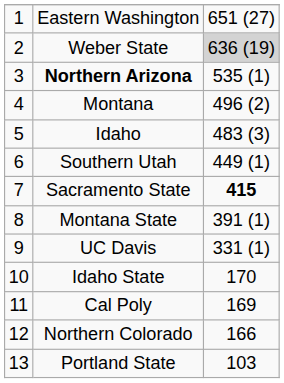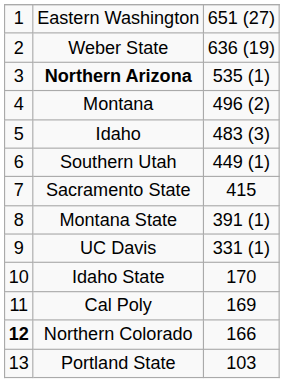 <table class="wikitable" style="display: inline-table;">
 <tr align="center">
 </tr>
 <tr align="center">
 <td>1</td>
 <td>Eastern Washington</td>
 <td>651 (27)</td>
 </tr>
 <tr align="center">
 <td>2</td>
 <td>Weber State</td>
-<td style="background: lightgrey;">636 (19)</td>
+<td>636 (19)</td>
 </tr>
 <tr align="center">
 <td>3</td>
 <td><strong>Northern Arizona</strong></td>
 <td>535 (1)</td>
 </tr>
 <tr align="center">
 <td>4</td>
 <td>Montana</td>
 <td>496 (2)</td>
 </tr>
 <tr align="center">
 <td>5</td>
 <td>Idaho</td>
 <td>483 (3)</td>
 </tr>
 <tr align="center">
 <td>6</td>
 <td>Southern Utah</td>
 <td>449 (1)</td>
 </tr>
 <tr align="center">
 <td>7</td>
 <td>Sacramento State</td>
-<td><strong>415</strong></td>
+<td>415</td>
 </tr>
 <tr align="center">
 <td>8</td>
 <td>Montana State</td>
 <td>391 (1)</td>
 </tr>
 <tr align="center">
 <td>9</td>
 <td>UC Davis</td>
 <td>331 (1)</td>
 </tr>
 <tr align="center">
 <td>10</td>
 <td>Idaho State</td>
 <td>170</td>
 </tr>
 <tr align="center">
 <td>11</td>
 <td>Cal Poly</td>
 <td>169</td>
 </tr>
 <tr align="center">
-<td>12</td>
+<td><strong>12</strong></td>
 <td>Northern Colorado</td>
 <td>166</td>
 </tr>
 <tr align="center">
 <td>13</td>
 <td>Portland State</td>
 <td>103</td>
 </tr>
 </table>
